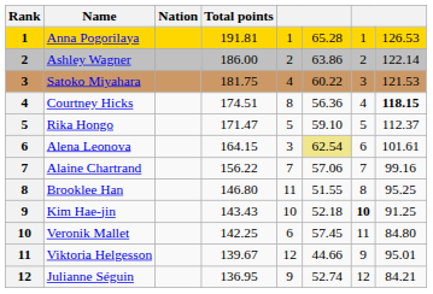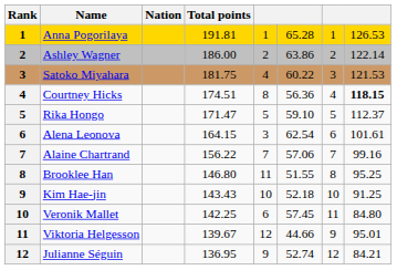 <table class="wikitable sortable">
 <tr>
 <th>Rank</th>
 <th>Name</th>
 <th>Nation</th>
 <th>Total points</th>
 <th colspan="2" width="80px"></th>
 <th colspan="2" width="80px"></th>
 </tr>
 <tr bgcolor="gold">
 <td align="center"><strong>1</strong></td>
 <td><a href='#'>Anna Pogorilaya</a></td>
 <td></td>
 <td align="center">191.81</td>
 <td align="center">1</td>
 <td align="center">65.28</td>
 <td align="center">1</td>
 <td align="center">126.53</td>
 </tr>
 <tr bgcolor="silver">
 <td align="center"><strong>2</strong></td>
 <td><a href='#'>Ashley Wagner</a></td>
 <td></td>
 <td align="center">186.00</td>
 <td align="center">2</td>
 <td align="center">63.86</td>
 <td align="center">2</td>
 <td align="center">122.14</td>
 </tr>
 <tr bgcolor="cc9966">
 <td align="center"><strong>3</strong></td>
 <td><a href='#'>Satoko Miyahara</a></td>
 <td></td>
 <td align="center">181.75</td>
 <td align="center">4</td>
 <td align="center">60.22</td>
 <td align="center">3</td>
 <td align="center">121.53</td>
 </tr>
 <tr>
 <th>4</th>
 <td><a href='#'>Courtney Hicks</a></td>
 <td></td>
 <td align="center">174.51</td>
 <td align="center">8</td>
 <td align="center">56.36</td>
 <td align="center">4</td>
 <td align="center"><strong>118.15</strong></td>
 </tr>
 <tr>
 <th>5</th>
 <td><a href='#'>Rika Hongo</a></td>
 <td></td>
 <td align="center">171.47</td>
 <td align="center">5</td>
 <td align="center">59.10</td>
 <td align="center">5</td>
 <td align="center">112.37</td>
 </tr>
 <tr>
 <th>6</th>
 <td><a href='#'>Alena Leonova</a></td>
 <td></td>
 <td align="center">164.15</td>
 <td align="center">3</td>
-<td align="center" style="background: khaki;">62.54</td>
+<td align="center">62.54</td>
 <td align="center">6</td>
 <td align="center">101.61</td>
 </tr>
 <tr>
 <th>7</th>
 <td><a href='#'>Alaine Chartrand</a></td>
 <td></td>
 <td align="center">156.22</td>
 <td align="center">7</td>
 <td align="center">57.06</td>
 <td align="center">7</td>
 <td align="center">99.16</td>
 </tr>
 <tr>
 <th>8</th>
 <td><a href='#'>Brooklee Han</a></td>
 <td></td>
 <td align="center">146.80</td>
 <td align="center">11</td>
 <td align="center">51.55</td>
 <td align="center">8</td>
 <td align="center">95.25</td>
 </tr>
 <tr>
 <th>9</th>
 <td><a href='#'>Kim Hae-jin</a></td>
 <td></td>
 <td align="center">143.43</td>
 <td align="center">10</td>
 <td align="center">52.18</td>
-<td align="center"><strong>10</strong></td>
+<td align="center">10</td>
 <td align="center">91.25</td>
 </tr>
 <tr>
 <th>10</th>
 <td><a href='#'>Veronik Mallet</a></td>
 <td></td>
 <td align="center">142.25</td>
 <td align="center">6</td>
 <td align="center">57.45</td>
 <td align="center">11</td>
 <td align="center">84.80</td>
 </tr>
 <tr>
 <th>11</th>
 <td><a href='#'>Viktoria Helgesson</a></td>
 <td></td>
 <td align="center">139.67</td>
 <td align="center">12</td>
 <td align="center">44.66</td>
 <td align="center">9</td>
 <td align="center">95.01</td>
 </tr>
 <tr>
 <th>12</th>
 <td><a href='#'>Julianne Séguin</a></td>
 <td></td>
 <td align="center">136.95</td>
 <td align="center">9</td>
 <td align="center">52.74</td>
 <td align="center">12</td>
 <td align="center">84.21</td>
 </tr>
 </table>
